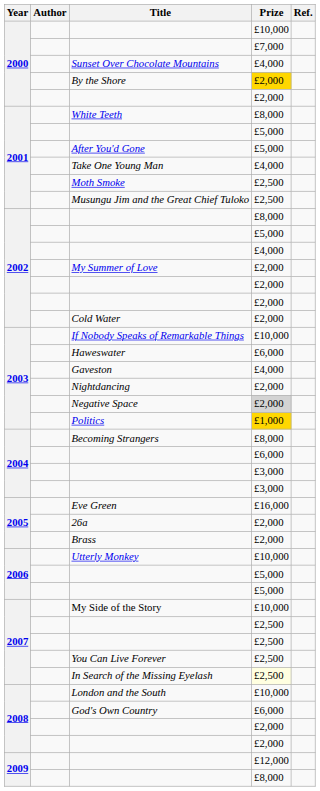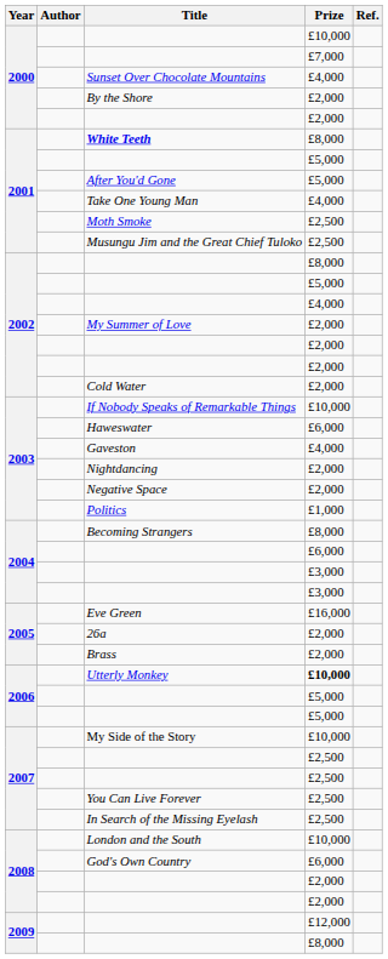 <table class="wikitable sortable mw-collapsible">
 <tr>
 <th>Year</th>
 <th>Author</th>
 <th>Title</th>
 <th>Prize</th>
 <th>Ref.</th>
 </tr>
 <tr>
 <th rowspan="5"><a href='#'>2000</a></th>
 <td></td>
 <td><em></em></td>
 <td>£10,000</td>
 <td></td>
 </tr>
 <tr>
 <td></td>
 <td><em></em></td>
 <td>£7,000</td>
 <td></td>
 </tr>
 <tr>
 <td></td>
 <td><em><a href='#'>Sunset Over Chocolate Mountains</a></em></td>
 <td>£4,000</td>
 <td></td>
 </tr>
 <tr>
 <td></td>
 <td><em>By the Shore</em></td>
-<td style="background: gold;">£2,000</td>
+<td>£2,000</td>
 <td></td>
 </tr>
 <tr>
 <td></td>
 <td><em></em></td>
 <td>£2,000</td>
 <td></td>
 </tr>
 <tr>
 <th rowspan="6"><a href='#'>2001</a></th>
 <td></td>
-<td><em><a href='#'>White Teeth</a></em></td>
+<td><strong><em><a href='#'>White Teeth</a></em></strong></td>
 <td>£8,000</td>
 <td></td>
 </tr>
 <tr>
 <td></td>
 <td><em></em></td>
 <td>£5,000</td>
 <td></td>
 </tr>
 <tr>
 <td></td>
 <td><em><a href='#'>After You'd Gone</a></em></td>
 <td>£5,000</td>
 <td></td>
 </tr>
 <tr>
 <td></td>
 <td><em>Take One Young Man</em></td>
 <td>£4,000</td>
 <td></td>
 </tr>
 <tr>
 <td></td>
 <td><em><a href='#'>Moth Smoke</a></em></td>
 <td>£2,500</td>
 <td></td>
 </tr>
 <tr>
 <td></td>
 <td><em>Musungu Jim and the Great Chief Tuloko</em></td>
 <td>£2,500</td>
 <td></td>
 </tr>
 <tr>
 <th rowspan="7"><a href='#'>2002</a></th>
 <td></td>
 <td><em></em></td>
 <td>£8,000</td>
 <td></td>
 </tr>
 <tr>
 <td></td>
 <td><em></em></td>
 <td>£5,000</td>
 <td></td>
 </tr>
 <tr>
 <td></td>
 <td><em></em></td>
 <td>£4,000</td>
 <td></td>
 </tr>
 <tr>
 <td></td>
 <td><em><a href='#'>My Summer of Love</a></em></td>
 <td>£2,000</td>
 <td></td>
 </tr>
 <tr>
 <td></td>
 <td><em></em></td>
 <td>£2,000</td>
 <td></td>
 </tr>
 <tr>
 <td></td>
 <td><em></em></td>
 <td>£2,000</td>
 <td></td>
 </tr>
 <tr>
 <td></td>
 <td><em>Cold Water</em></td>
 <td>£2,000</td>
 <td></td>
 </tr>
 <tr>
 <th rowspan="6"><a href='#'>2003</a></th>
 <td></td>
 <td><em><a href='#'>If Nobody Speaks of Remarkable Things</a></em></td>
 <td>£10,000</td>
 <td></td>
 </tr>
 <tr>
 <td></td>
 <td><em>Haweswater</em></td>
 <td>£6,000</td>
 <td></td>
 </tr>
 <tr>
 <td></td>
 <td><em>Gaveston</em></td>
 <td>£4,000</td>
 <td></td>
 </tr>
 <tr>
 <td></td>
 <td><em>Nightdancing</em></td>
 <td>£2,000</td>
 <td></td>
 </tr>
 <tr>
 <td></td>
 <td><em>Negative Space</em></td>
-<td style="background: lightgrey;">£2,000</td>
+<td>£2,000</td>
 <td></td>
 </tr>
 <tr>
 <td></td>
 <td><em><a href='#'>Politics</a></em></td>
-<td style="background: gold;">£1,000</td>
+<td>£1,000</td>
 <td></td>
 </tr>
 <tr>
 <th rowspan="4"><a href='#'>2004</a></th>
 <td></td>
 <td><em>Becoming Strangers</em></td>
 <td>£8,000</td>
 <td></td>
 </tr>
 <tr>
 <td></td>
 <td><em></em></td>
 <td>£6,000</td>
 <td></td>
 </tr>
 <tr>
 <td></td>
 <td><em></em></td>
 <td>£3,000</td>
 <td></td>
 </tr>
 <tr>
 <td></td>
 <td><em></em></td>
 <td>£3,000</td>
 <td></td>
 </tr>
 <tr>
 <th rowspan="3"><a href='#'>2005</a></th>
 <td></td>
 <td><em>Eve Green</em></td>
 <td>£16,000</td>
 <td></td>
 </tr>
 <tr>
 <td></td>
 <td><em>26a</em></td>
 <td>£2,000</td>
 <td></td>
 </tr>
 <tr>
 <td></td>
 <td><em>Brass</em></td>
 <td>£2,000</td>
 <td></td>
 </tr>
 <tr>
 <th rowspan="3"><a href='#'>2006</a></th>
 <td></td>
 <td><em><a href='#'>Utterly Monkey</a></em></td>
-<td>£10,000</td>
+<td><strong>£10,000</strong></td>
 <td></td>
 </tr>
 <tr>
 <td></td>
 <td><em></em></td>
 <td>£5,000</td>
 <td></td>
 </tr>
 <tr>
 <td></td>
 <td><em></em></td>
 <td>£5,000</td>
 <td></td>
 </tr>
 <tr>
 <th rowspan="5"><a href='#'>2007</a></th>
 <td></td>
 <td>My Side of the Story</td>
 <td>£10,000</td>
 <td></td>
 </tr>
 <tr>
 <td></td>
 <td><em></em></td>
 <td>£2,500</td>
 <td></td>
 </tr>
 <tr>
 <td></td>
 <td><em></em></td>
 <td>£2,500</td>
 <td></td>
 </tr>
 <tr>
 <td></td>
 <td><em>You Can Live Forever</em></td>
 <td>£2,500</td>
 <td></td>
 </tr>
 <tr>
 <td></td>
 <td><em>In Search of the Missing Eyelash</em></td>
-<td style="background: lightyellow;">£2,500</td>
+<td>£2,500</td>
 <td></td>
 </tr>
 <tr>
 <th rowspan="4"><a href='#'>2008</a></th>
 <td></td>
 <td><em>London and the South</em></td>
 <td>£10,000</td>
 <td></td>
 </tr>
 <tr>
 <td></td>
 <td><em>God's Own Country</em></td>
 <td>£6,000</td>
 <td></td>
 </tr>
 <tr>
 <td></td>
 <td><em></em></td>
 <td>£2,000</td>
 <td></td>
 </tr>
 <tr>
 <td></td>
 <td><em></em></td>
 <td>£2,000</td>
 <td></td>
 </tr>
 <tr>
 <th rowspan="2"><a href='#'>2009</a></th>
 <td> </td>
 <td><em></em></td>
 <td>£12,000</td>
 <td></td>
 </tr>
 <tr>
 <td></td>
 <td><em></em></td>
 <td>£8,000</td>
 <td></td>
 </tr>
 </table>
